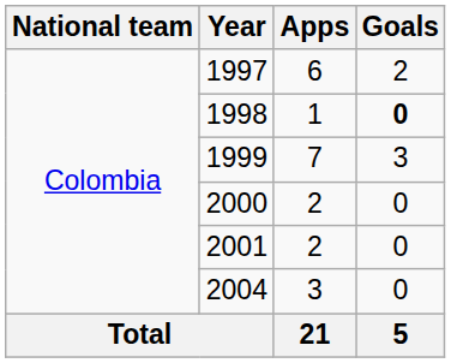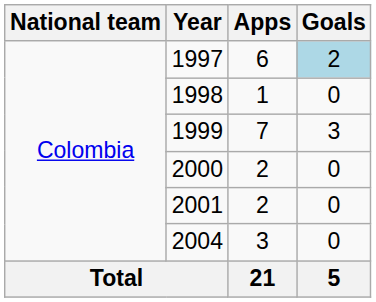 <table class="wikitable" style="text-align:center">
 <tr>
 <th>National team</th>
 <th>Year</th>
 <th>Apps</th>
 <th>Goals</th>
 </tr>
 <tr>
 <td rowspan="6"><a href='#'>Colombia</a></td>
 <td>1997</td>
 <td>6</td>
-<td>2</td>
+<td style="background: lightblue;">2</td>
 </tr>
 <tr>
 <td>1998</td>
 <td>1</td>
-<td><strong>0</strong></td>
+<td>0</td>
 </tr>
 <tr>
 <td>1999</td>
 <td>7</td>
 <td>3</td>
 </tr>
 <tr>
 <td>2000</td>
 <td>2</td>
 <td>0</td>
 </tr>
 <tr>
 <td>2001</td>
 <td>2</td>
 <td>0</td>
 </tr>
 <tr>
 <td>2004</td>
 <td>3</td>
 <td>0</td>
 </tr>
 <tr>
 <th colspan="2">Total</th>
 <th>21</th>
 <th>5</th>
 </tr>
 </table>
